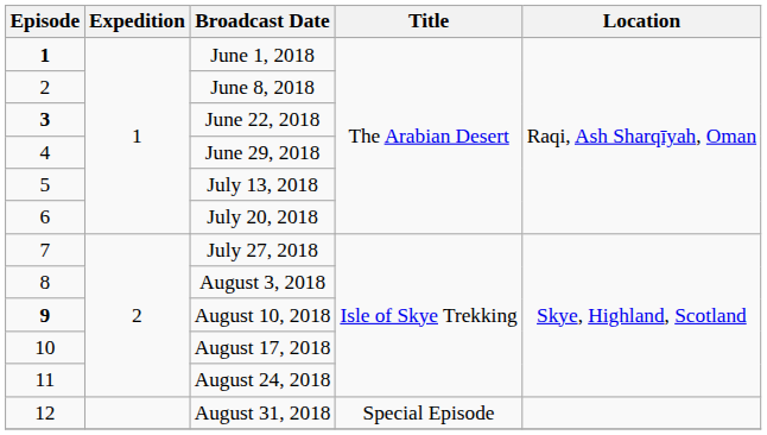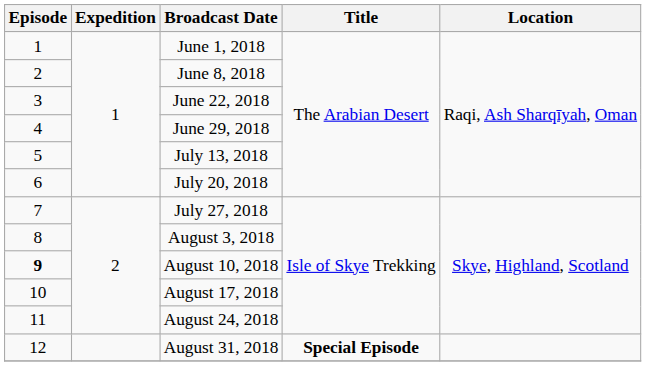 <table class=wikitable style=text-align:center>
 <tr>
 <th><strong>Episode</strong></th>
 <th><strong>Expedition</strong></th>
 <th><strong>Broadcast Date</strong></th>
 <th><strong>Title</strong></th>
 <th><strong>Location</strong></th>
 </tr>
 <tr>
-<td><strong>1</strong></td>
+<td>1</td>
 <td rowspan=7>1</td>
 <td>June 1, 2018</td>
 <td rowspan=7>The <a href='#'>Arabian Desert</a></td>
 <td rowspan=7>Raqi, <a href='#'>Ash Sharqīyah</a>, <a href='#'>Oman</a></td>
 </tr>
 <tr>
 <td>2</td>
 <td>June 8, 2018</td>
 </tr>
 <tr>
-<td><strong>3</strong></td>
+<td>3</td>
 <td>June 22, 2018</td>
 </tr>
 <tr>
 <td>4</td>
 <td>June 29, 2018</td>
 </tr>
 <tr>
 <td>5</td>
 <td>July 13, 2018</td>
 </tr>
 <tr>
 <td>6</td>
 <td>July 20, 2018</td>
 </tr>
 <tr>
 <td rowspan=2>7</td>
 <td rowspan=2>July 27, 2018</td>
 </tr>
 <tr>
 <td rowspan=5>2</td>
 <td rowspan=5><a href='#'>Isle of Skye</a> Trekking</td>
 <td rowspan=5><a href='#'>Skye</a>, <a href='#'>Highland</a>, <a href='#'>Scotland</a></td>
 </tr>
 <tr>
 <td>8</td>
 <td>August 3, 2018</td>
 </tr>
 <tr>
 <td><strong>9</strong></td>
 <td>August 10, 2018</td>
 </tr>
 <tr>
 <td>10</td>
 <td>August 17, 2018</td>
 </tr>
 <tr>
 <td>11</td>
 <td>August 24, 2018</td>
 </tr>
 <tr>
 <td>12</td>
 <td></td>
 <td>August 31, 2018</td>
-<td>Special Episode</td>
+<td><strong>Special Episode</strong></td>
 <td></td>
 </tr>
 <tr>
 </tr>
 </table>
